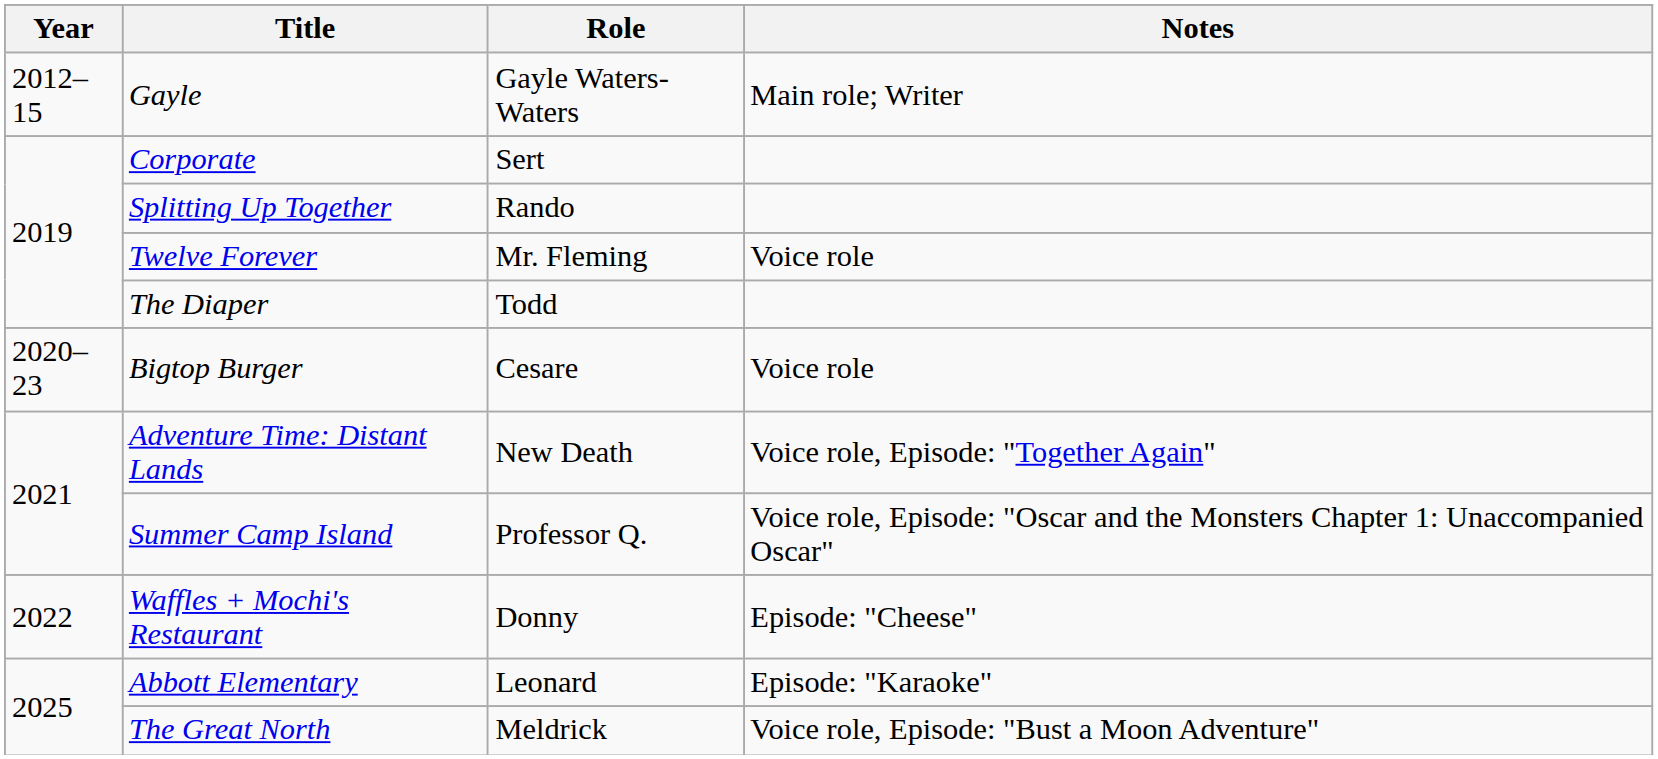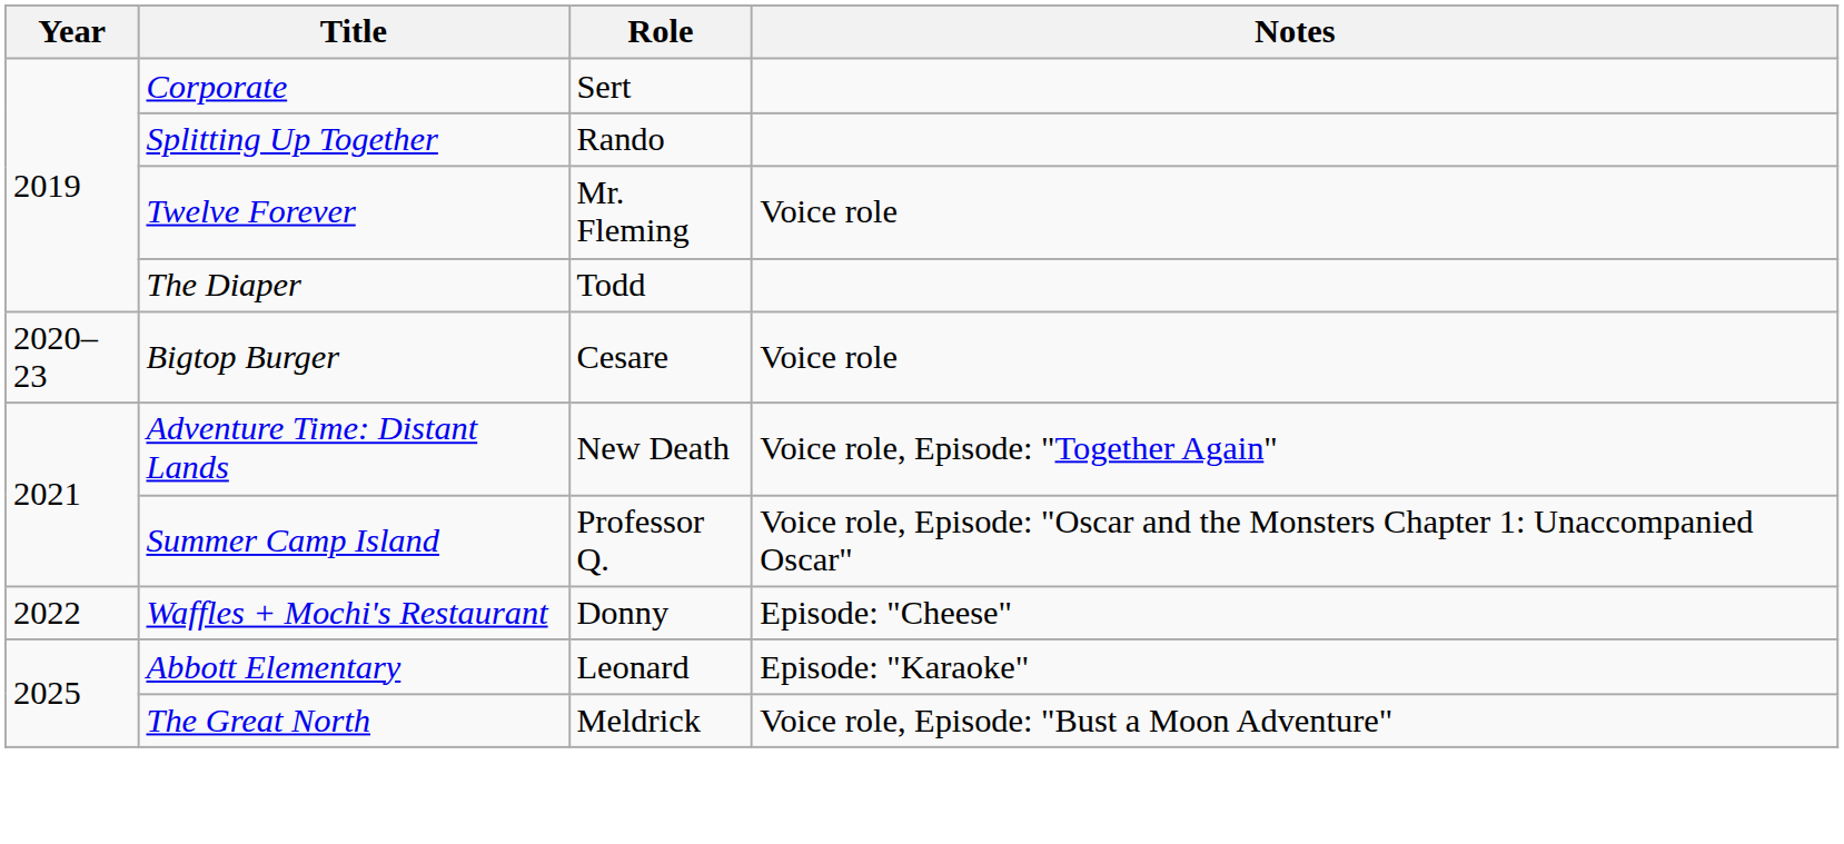 <table class="wikitable sortable">
 <tr>
 <th>Year</th>
 <th>Title</th>
 <th>Role</th>
 <th>Notes</th>
-</tr>
-<tr>
-<td>2012–15</td>
-<td><em>Gayle</em></td>
-<td>Gayle Waters-Waters</td>
-<td>Main role; Writer</td>
 </tr>
 <tr>
 <td rowspan="4">2019</td>
 <td><em><a href='#'>Corporate</a></em></td>
 <td>Sert</td>
 <td></td>
 </tr>
 <tr>
 <td><em><a href='#'>Splitting Up Together</a></em></td>
 <td>Rando</td>
 <td></td>
 </tr>
 <tr>
 <td><em><a href='#'>Twelve Forever</a></em></td>
 <td>Mr. Fleming</td>
 <td>Voice role</td>
 </tr>
 <tr>
 <td><em>The Diaper</em></td>
 <td>Todd</td>
 <td></td>
 </tr>
 <tr>
 <td>2020–23</td>
 <td><em>Bigtop Burger</em></td>
 <td>Cesare</td>
 <td>Voice role</td>
 </tr>
 <tr>
 <td rowspan="2">2021</td>
 <td><em><a href='#'>Adventure Time: Distant Lands</a></em></td>
 <td>New Death</td>
 <td>Voice role, Episode: "<a href='#'>Together Again</a>"</td>
 </tr>
 <tr>
 <td><em><a href='#'>Summer Camp Island</a></em></td>
 <td>Professor Q.</td>
 <td>Voice role, Episode: "Oscar and the Monsters Chapter 1: Unaccompanied Oscar"</td>
 </tr>
 <tr>
 <td>2022</td>
 <td><a href='#'><em>Waffles + Mochi's Restaurant</em></a></td>
 <td>Donny</td>
 <td>Episode: "Cheese"</td>
 </tr>
 <tr>
 <td rowspan="2">2025</td>
 <td><a href='#'><em>Abbott Elementary</em></a></td>
 <td>Leonard</td>
 <td>Episode: "Karaoke"</td>
 </tr>
 <tr>
 <td><a href='#'><em>The Great North</em></a></td>
 <td>Meldrick</td>
 <td>Voice role, Episode: "Bust a Moon Adventure"</td>
 </tr>
 </table>
